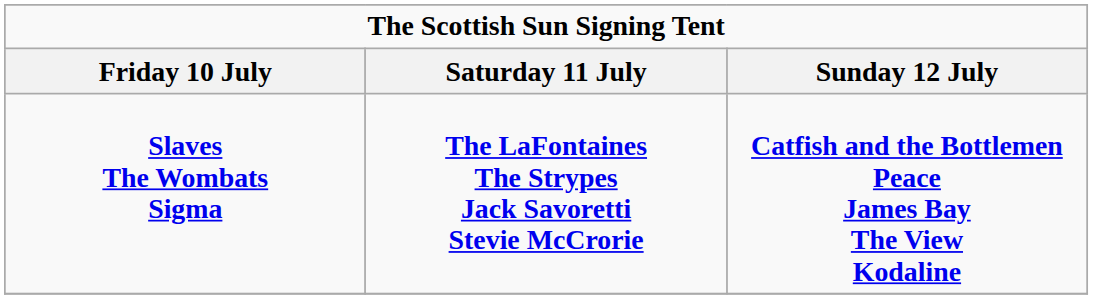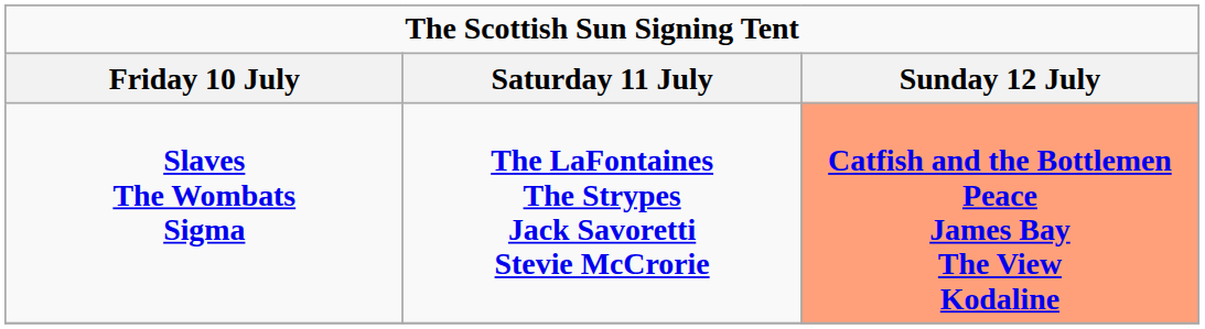 <table class="wikitable">
 <tr>
 <td colspan="4" style="text-align:center;"><strong>The Scottish Sun Signing Tent</strong></td>
 </tr>
 <tr>
 <th>Friday 10 July</th>
 <th>Saturday 11 July</th>
 <th>Sunday 12 July</th>
 </tr>
 <tr>
 <td style="text-align:center; vertical-align:top; width:200px;"><br><strong><a href='#'>Slaves</a></strong> <br><strong><a href='#'>The Wombats</a></strong> <br><strong><a href='#'>Sigma</a></strong></td>
 <td style="text-align:center; vertical-align:top; width:200px;"><br><strong><a href='#'>The LaFontaines</a></strong> <br><strong><a href='#'>The Strypes</a></strong> <br><strong><a href='#'>Jack Savoretti</a></strong> <br><strong><a href='#'>Stevie McCrorie</a></strong></td>
-<td style="text-align:center; vertical-align:top; width:200px;"><br><strong><a href='#'>Catfish and the Bottlemen</a></strong> <br><strong><a href='#'>Peace</a></strong> <br><strong><a href='#'>James Bay</a></strong> <br><strong><a href='#'>The View</a></strong> <br><strong><a href='#'>Kodaline</a></strong></td>
+<td style="background: lightsalmon; text-align:center; vertical-align:top; width:200px;"><br><strong><a href='#'>Catfish and the Bottlemen</a></strong> <br><strong><a href='#'>Peace</a></strong> <br><strong><a href='#'>James Bay</a></strong> <br><strong><a href='#'>The View</a></strong> <br><strong><a href='#'>Kodaline</a></strong></td>
 </tr>
 <tr>
 </tr>
 </table>
